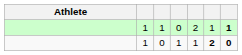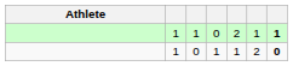 <table class=wikitable style="text-align:center">
 <tr>
 <th width=210>Athlete</th>
 <th width=20></th>
 <th width=20></th>
 <th width=20></th>
 <th width=20></th>
 <th width=20></th>
 <th width=20></th>
 </tr>
 <tr bgcolor=ccffcc>
 <td style="text-align:left"></td>
 <td>1</td>
 <td>1</td>
 <td>0</td>
 <td>2</td>
 <td>1</td>
 <td><strong>1</strong></td>
 </tr>
 <tr>
 <td style="text-align:left"></td>
 <td>1</td>
 <td>0</td>
 <td>1</td>
 <td>1</td>
-<td><strong>2</strong></td>
+<td>2</td>
 <td><strong>0</strong></td>
 </tr>
 </table>
